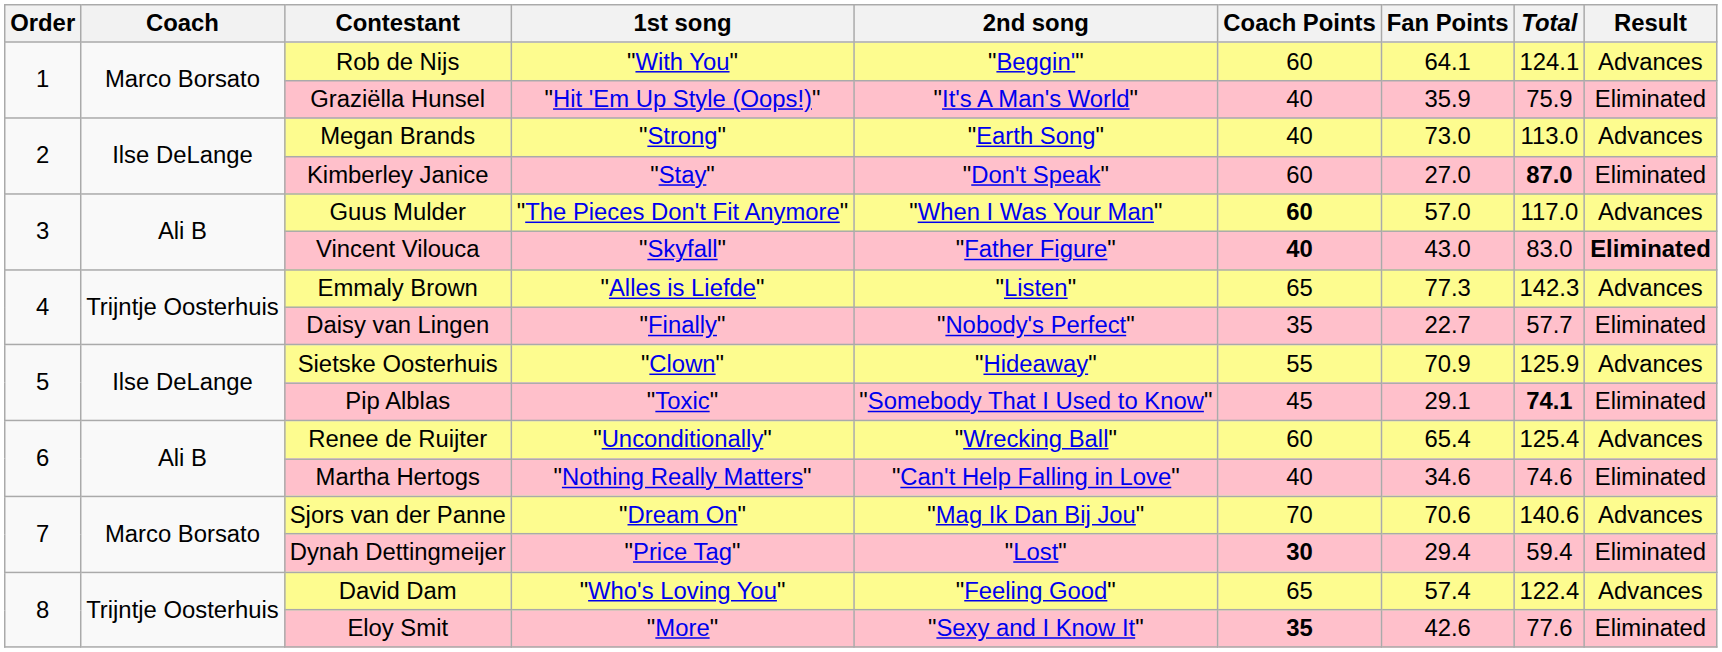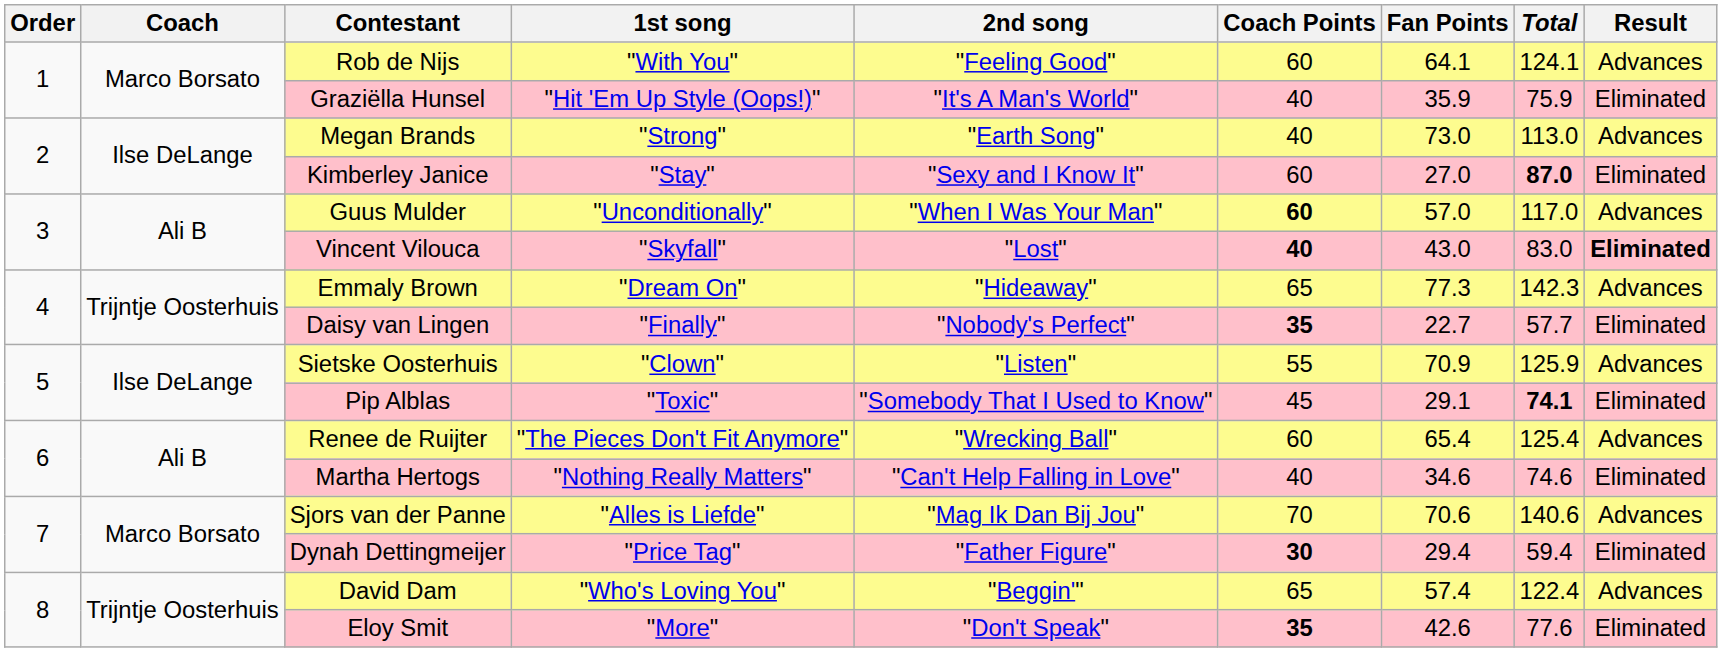 <table class="wikitable" style="text-align: center; width: auto;">
 <tr>
 <th>Order</th>
 <th>Coach</th>
 <th>Contestant</th>
 <th>1st song</th>
 <th>2nd song</th>
 <th>Coach Points</th>
 <th>Fan Points</th>
 <th><em>Total</em></th>
 <th>Result</th>
 </tr>
 <tr>
 <td rowspan="2">1</td>
 <td rowspan="2">Marco Borsato</td>
 <td style="background:#fdfc8f;">Rob de Nijs</td>
 <td style="background:#fdfc8f;">"<a href='#'>With You</a>"</td>
-<td style="background:#fdfc8f;">"<a href='#'>Beggin'</a>"</td>
+<td style="background:#fdfc8f;">"<a href='#'>Feeling Good</a>"</td>
 <td style="background:#fdfc8f;">60</td>
 <td style="background:#fdfc8f;">64.1</td>
 <td style="background:#fdfc8f;">124.1</td>
 <td style="background:#fdfc8f;">Advances</td>
 </tr>
 <tr>
 <td style="background:pink;">Graziëlla Hunsel</td>
 <td style="background:pink;">"<a href='#'>Hit 'Em Up Style (Oops!)</a>"</td>
 <td style="background:pink;">"<a href='#'>It's A Man's World</a>"</td>
 <td style="background:pink;">40</td>
 <td style="background:pink;">35.9</td>
 <td style="background:pink;">75.9</td>
 <td style="background:pink;">Eliminated</td>
 </tr>
 <tr>
 <td rowspan="2">2</td>
 <td rowspan="2">Ilse DeLange</td>
 <td style="background:#fdfc8f;">Megan Brands</td>
 <td style="background:#fdfc8f;">"<a href='#'>Strong</a>"</td>
 <td style="background:#fdfc8f;">"<a href='#'>Earth Song</a>"</td>
 <td style="background:#fdfc8f;">40</td>
 <td style="background:#fdfc8f;">73.0</td>
 <td style="background:#fdfc8f;">113.0</td>
 <td style="background:#fdfc8f;">Advances</td>
 </tr>
 <tr>
 <td style="background:pink;">Kimberley Janice</td>
 <td style="background:pink;">"<a href='#'>Stay</a>"</td>
-<td style="background:pink;">"<a href='#'>Don't Speak</a>"</td>
+<td style="background:pink;">"<a href='#'>Sexy and I Know It</a>"</td>
 <td style="background:pink;">60</td>
 <td style="background:pink;">27.0</td>
 <td style="background:pink;"><strong>87.0</strong></td>
 <td style="background:pink;">Eliminated</td>
 </tr>
 <tr>
 <td rowspan="2">3</td>
 <td rowspan="2">Ali B</td>
 <td style="background:#fdfc8f;">Guus Mulder</td>
-<td style="background:#fdfc8f;">"<a href='#'>The Pieces Don't Fit Anymore</a>"</td>
+<td style="background:#fdfc8f;">"<a href='#'>Unconditionally</a>"</td>
 <td style="background:#fdfc8f;">"<a href='#'>When I Was Your Man</a>"</td>
 <td style="background:#fdfc8f;"><strong>60</strong></td>
 <td style="background:#fdfc8f;">57.0</td>
 <td style="background:#fdfc8f;">117.0</td>
 <td style="background:#fdfc8f;">Advances</td>
 </tr>
 <tr>
 <td style="background:pink;">Vincent Vilouca</td>
 <td style="background:pink;">"<a href='#'>Skyfall</a>"</td>
-<td style="background:pink;">"<a href='#'>Father Figure</a>"</td>
+<td style="background:pink;">"<a href='#'>Lost</a>"</td>
 <td style="background:pink;"><strong>40</strong></td>
 <td style="background:pink;">43.0</td>
 <td style="background:pink;">83.0</td>
 <td style="background:pink;"><strong>Eliminated</strong></td>
 </tr>
 <tr>
 <td rowspan="2">4</td>
 <td rowspan="2">Trijntje Oosterhuis</td>
 <td style="background:#fdfc8f;">Emmaly Brown</td>
-<td style="background:#fdfc8f;">"<a href='#'>Alles is Liefde</a>"</td>
-<td style="background:#fdfc8f;">"<a href='#'>Listen</a>"</td>
+<td style="background:#fdfc8f;">"<a href='#'>Dream On</a>"</td>
+<td style="background:#fdfc8f;">"<a href='#'>Hideaway</a>"</td>
 <td style="background:#fdfc8f;">65</td>
 <td style="background:#fdfc8f;">77.3</td>
 <td style="background:#fdfc8f;">142.3</td>
 <td style="background:#fdfc8f;">Advances</td>
 </tr>
 <tr>
 <td style="background:pink;">Daisy van Lingen</td>
 <td style="background:pink;">"<a href='#'>Finally</a>"</td>
 <td style="background:pink;">"<a href='#'>Nobody's Perfect</a>"</td>
-<td style="background:pink;">35</td>
+<td style="background:pink;"><strong>35</strong></td>
 <td style="background:pink;">22.7</td>
 <td style="background:pink;">57.7</td>
 <td style="background:pink;">Eliminated</td>
 </tr>
 <tr>
 <td rowspan="2">5</td>
 <td rowspan="2">Ilse DeLange</td>
 <td style="background:#fdfc8f;">Sietske Oosterhuis</td>
 <td style="background:#fdfc8f;">"<a href='#'>Clown</a>"</td>
-<td style="background:#fdfc8f;">"<a href='#'>Hideaway</a>"</td>
+<td style="background:#fdfc8f;">"<a href='#'>Listen</a>"</td>
 <td style="background:#fdfc8f;">55</td>
 <td style="background:#fdfc8f;">70.9</td>
 <td style="background:#fdfc8f;">125.9</td>
 <td style="background:#fdfc8f;">Advances</td>
 </tr>
 <tr>
 <td style="background:pink;">Pip Alblas</td>
 <td style="background:pink;">"<a href='#'>Toxic</a>"</td>
 <td style="background:pink;">"<a href='#'>Somebody That I Used to Know</a>"</td>
 <td style="background:pink;">45</td>
 <td style="background:pink;">29.1</td>
 <td style="background:pink;"><strong>74.1</strong></td>
 <td style="background:pink;">Eliminated</td>
 </tr>
 <tr>
 <td rowspan="2">6</td>
 <td rowspan="2">Ali B</td>
 <td style="background:#fdfc8f;">Renee de Ruijter</td>
-<td style="background:#fdfc8f;">"<a href='#'>Unconditionally</a>"</td>
+<td style="background:#fdfc8f;">"<a href='#'>The Pieces Don't Fit Anymore</a>"</td>
 <td style="background:#fdfc8f;">"<a href='#'>Wrecking Ball</a>"</td>
 <td style="background:#fdfc8f;">60</td>
 <td style="background:#fdfc8f;">65.4</td>
 <td style="background:#fdfc8f;">125.4</td>
 <td style="background:#fdfc8f;">Advances</td>
 </tr>
 <tr>
 <td style="background:pink;">Martha Hertogs</td>
 <td style="background:pink;">"<a href='#'>Nothing Really Matters</a>"</td>
 <td style="background:pink;">"<a href='#'>Can't Help Falling in Love</a>"</td>
 <td style="background:pink;">40</td>
 <td style="background:pink;">34.6</td>
 <td style="background:pink;">74.6</td>
 <td style="background:pink;">Eliminated</td>
 </tr>
 <tr>
 <td rowspan="2">7</td>
 <td rowspan="2">Marco Borsato</td>
 <td style="background:#fdfc8f;">Sjors van der Panne</td>
-<td style="background:#fdfc8f;">"<a href='#'>Dream On</a>"</td>
+<td style="background:#fdfc8f;">"<a href='#'>Alles is Liefde</a>"</td>
 <td style="background:#fdfc8f;">"<a href='#'>Mag Ik Dan Bij Jou</a>"</td>
 <td style="background:#fdfc8f;">70</td>
 <td style="background:#fdfc8f;">70.6</td>
 <td style="background:#fdfc8f;">140.6</td>
 <td style="background:#fdfc8f;">Advances</td>
 </tr>
 <tr>
 <td style="background:pink;">Dynah Dettingmeijer</td>
 <td style="background:pink;">"<a href='#'>Price Tag</a>"</td>
-<td style="background:pink;">"<a href='#'>Lost</a>"</td>
+<td style="background:pink;">"<a href='#'>Father Figure</a>"</td>
 <td style="background:pink;"><strong>30</strong></td>
 <td style="background:pink;">29.4</td>
 <td style="background:pink;">59.4</td>
 <td style="background:pink;">Eliminated</td>
 </tr>
 <tr>
 <td rowspan="2">8</td>
 <td rowspan="2">Trijntje Oosterhuis</td>
 <td style="background:#fdfc8f;">David Dam</td>
 <td style="background:#fdfc8f;">"<a href='#'>Who's Loving You</a>"</td>
-<td style="background:#fdfc8f;">"<a href='#'>Feeling Good</a>"</td>
+<td style="background:#fdfc8f;">"<a href='#'>Beggin'</a>"</td>
 <td style="background:#fdfc8f;">65</td>
 <td style="background:#fdfc8f;">57.4</td>
 <td style="background:#fdfc8f;">122.4</td>
 <td style="background:#fdfc8f;">Advances</td>
 </tr>
 <tr>
 <td style="background:pink;">Eloy Smit</td>
 <td style="background:pink;">"<a href='#'>More</a>"</td>
-<td style="background:pink;">"<a href='#'>Sexy and I Know It</a>"</td>
+<td style="background:pink;">"<a href='#'>Don't Speak</a>"</td>
 <td style="background:pink;"><strong>35</strong></td>
 <td style="background:pink;">42.6</td>
 <td style="background:pink;">77.6</td>
 <td style="background:pink;">Eliminated</td>
 </tr>
 </table>
